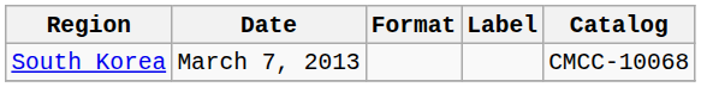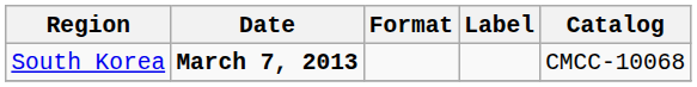 <table class="wikitable">
 <tr>
 <th>Region</th>
 <th>Date</th>
 <th>Format</th>
 <th>Label</th>
 <th>Catalog</th>
 </tr>
 <tr>
 <td align="center"><a href='#'>South Korea</a></td>
-<td align="center">March 7, 2013</td>
+<td align="center"><strong>March 7, 2013</strong></td>
 <td align="center"></td>
 <td align="center"></td>
 <td align="center">CMCC-10068</td>
 </tr>
 <tr>
 </tr>
 </table>
